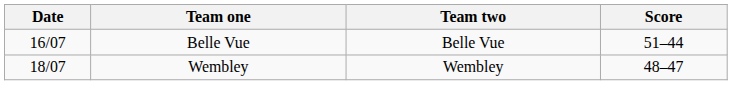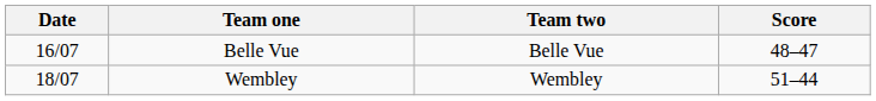 <table class="wikitable" style="text-align: center">
 <tr>
 <th width=80>Date</th>
 <th width=250>Team one</th>
 <th width=250>Team two</th>
 <th width=120>Score</th>
 </tr>
 <tr>
 <td>16/07</td>
 <td>Belle Vue</td>
 <td>Belle Vue</td>
-<td>51–44</td>
+<td>48–47</td>
 </tr>
 <tr>
 <td>18/07</td>
 <td>Wembley</td>
 <td>Wembley</td>
-<td>48–47</td>
+<td>51–44</td>
 </tr>
 </table>
